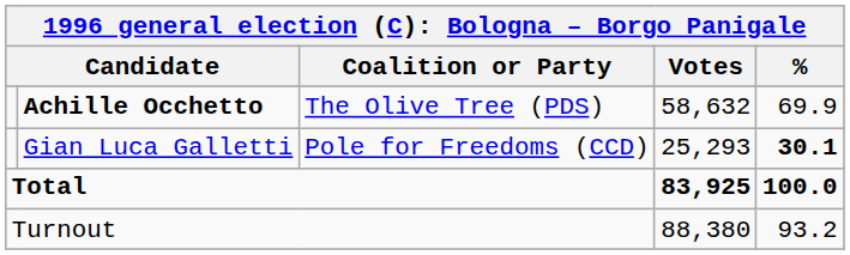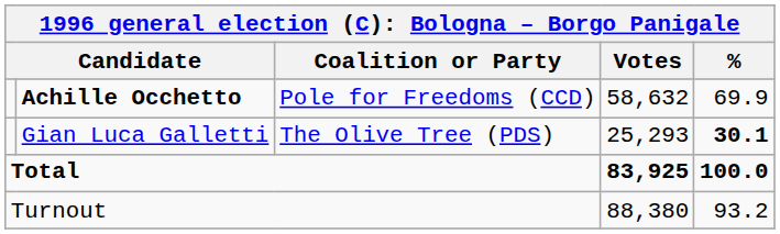 <table class=wikitable style=text-align:right>
 <tr>
 <th colspan=5><a href='#'>1996 general election</a> (<a href='#'>C</a>): <a href='#'>Bologna – Borgo Panigale</a></th>
 </tr>
 <tr>
 <th colspan=2>Candidate</th>
 <th>Coalition or Party</th>
 <th>Votes</th>
 <th>%</th>
 </tr>
 <tr>
 <td></td>
 <td align=left><strong>Achille Occhetto</strong></td>
-<td align=left><a href='#'>The Olive Tree</a> (<a href='#'>PDS</a>)</td>
+<td align=left><a href='#'>Pole for Freedoms</a> (<a href='#'>CCD</a>)</td>
 <td>58,632</td>
 <td>69.9</td>
 </tr>
 <tr>
 <td></td>
 <td align=left><a href='#'>Gian Luca Galletti</a></td>
-<td align=left><a href='#'>Pole for Freedoms</a> (<a href='#'>CCD</a>)</td>
+<td align=left><a href='#'>The Olive Tree</a> (<a href='#'>PDS</a>)</td>
 <td>25,293</td>
 <td><strong>30.1</strong></td>
 </tr>
 <tr>
 <td align=left colspan=3><strong>Total</strong></td>
 <td><strong>83,925</strong></td>
 <td><strong>100.0</strong></td>
 </tr>
 <tr>
 <td align=left colspan=3>Turnout</td>
 <td>88,380</td>
 <td>93.2</td>
 </tr>
 </table>
